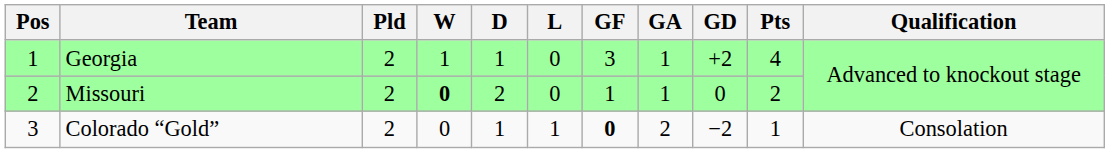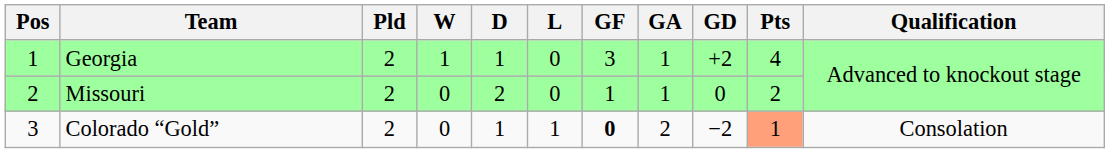 <table class="wikitable" style="text-align:center; margin: 1em auto">
 <tr>
 <th style="width:2em">Pos</th>
 <th style="width:13em">Team</th>
 <th style="width:2em">Pld</th>
 <th style="width:2em">W</th>
 <th style="width:2em">D</th>
 <th style="width:2em">L</th>
 <th style="width:2em">GF</th>
 <th style="width:2em">GA</th>
 <th style="width:2em">GD</th>
 <th style="width:2em">Pts</th>
 <th style="width:13em">Qualification</th>
 </tr>
 <tr bgcolor="#9eff9e">
 <td>1</td>
 <td style="text-align:left">Georgia</td>
 <td>2</td>
 <td>1</td>
 <td>1</td>
 <td>0</td>
 <td>3</td>
 <td>1</td>
 <td>+2</td>
 <td>4</td>
 <td rowspan="2">Advanced to knockout stage</td>
 </tr>
 <tr bgcolor="#9eff9e">
 <td>2</td>
 <td style="text-align:left">Missouri</td>
 <td>2</td>
-<td><strong>0</strong></td>
+<td>0</td>
 <td>2</td>
 <td>0</td>
 <td>1</td>
 <td>1</td>
 <td>0</td>
 <td>2</td>
 </tr>
 <tr>
 <td>3</td>
 <td style="text-align:left">Colorado “Gold”</td>
 <td>2</td>
 <td>0</td>
 <td>1</td>
 <td>1</td>
 <td><strong>0</strong></td>
 <td>2</td>
 <td>−2</td>
-<td>1</td>
+<td style="background: lightsalmon;">1</td>
 <td>Consolation</td>
 </tr>
 </table>
